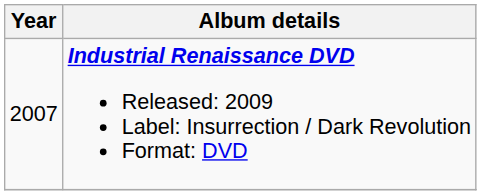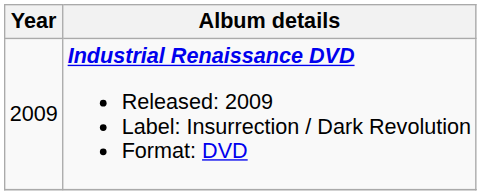 <table class ="wikitable">
 <tr>
 <th>Year</th>
 <th>Album details</th>
 </tr>
 <tr>
-<td align="center" rowspan="1">2007</td>
+<td align="center" rowspan="1">2009</td>
 <td><strong><em><a href='#'>Industrial Renaissance DVD</a></em></strong><br><ul><li>Released: 2009</li><li>Label: Insurrection / Dark Revolution</li><li>Format: <a href='#'>DVD</a></li></ul></td>
 </tr>
 <tr>
 </tr>
 </table>
